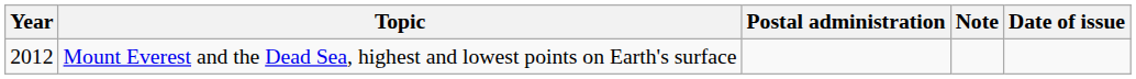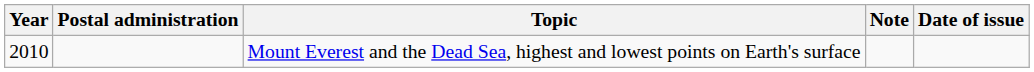 <table class="wikitable">
 <tr>
 <th>Year</th>
+<th>Postal administration</th>
 <th>Topic</th>
-<th>Postal administration</th>
 <th>Note</th>
 <th>Date of issue</th>
 </tr>
 <tr>
-<td>2012</td>
+<td>2010</td>
+<td></td>
 <td><a href='#'>Mount Everest</a> and the <a href='#'>Dead Sea</a>, highest and lowest points on Earth's surface</td>
-<td></td>
 <td></td>
 <td></td>
 </tr>
 </table>
